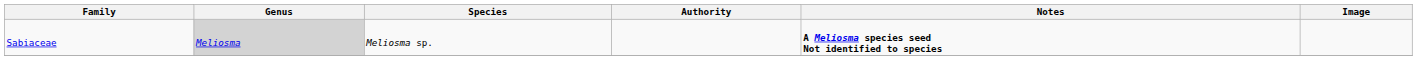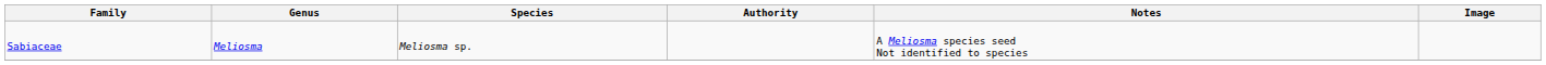 <table class="wikitable" align="center" width="100%">
 <tr>
 <th>Family</th>
 <th>Genus</th>
 <th>Species</th>
 <th>Authority</th>
 <th>Notes</th>
 <th>Image</th>
 </tr>
 <tr>
 <td><br><a href='#'>Sabiaceae</a></td>
-<td style="background: lightgrey;"><br><em><a href='#'>Meliosma</a></em></td>
+<td><br><em><a href='#'>Meliosma</a></em></td>
 <td><br><em>Meliosma</em> sp.</td>
 <td></td>
-<td><strong><br>A <em><a href='#'>Meliosma</a></em> species seed<br>Not identified to species</strong></td>
+<td><br>A <em><a href='#'>Meliosma</a></em> species seed<br>Not identified to species</td>
 <td></td>
 </tr>
 <tr>
 </tr>
 </table>
